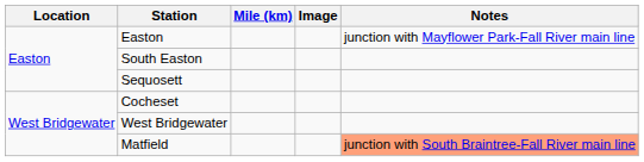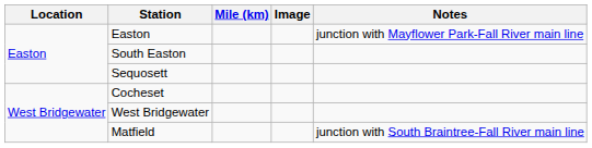 <table class="wikitable">
 <tr>
 <th>Location</th>
 <th>Station</th>
 <th><a href='#'>Mile (km)</a></th>
 <th>Image</th>
 <th>Notes</th>
 </tr>
 <tr>
 <td rowspan=3><a href='#'>Easton</a></td>
 <td>Easton</td>
 <td></td>
 <td></td>
 <td>junction with <a href='#'>Mayflower Park-Fall River main line</a></td>
 </tr>
 <tr>
 <td>South Easton</td>
 <td></td>
 <td></td>
 <td></td>
 </tr>
 <tr>
 <td>Sequosett</td>
 <td></td>
 <td></td>
 <td></td>
 </tr>
 <tr>
 <td rowspan=3><a href='#'>West Bridgewater</a></td>
 <td>Cocheset</td>
 <td></td>
 <td></td>
 <td></td>
 </tr>
 <tr>
 <td>West Bridgewater</td>
 <td></td>
 <td></td>
 <td></td>
 </tr>
 <tr>
 <td>Matfield</td>
 <td></td>
 <td></td>
-<td style="background: lightsalmon;">junction with <a href='#'>South Braintree-Fall River main line</a></td>
+<td>junction with <a href='#'>South Braintree-Fall River main line</a></td>
 </tr>
 </table>
